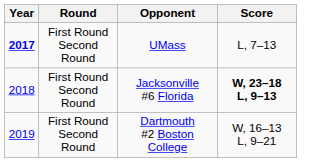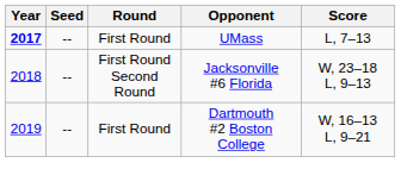 <table class="wikitable">
 <tr>
 <th style="width:40px; ">Year</th>
+<th style="width:40px; ">Seed</th>
 <th style="width:100px; ">Round</th>
 <th style="width:130px; ">Opponent</th>
 <th style="width:100px; ">Score</th>
 </tr>
 <tr align="center">
 <td><strong><a href='#'>2017</a></strong></td>
-<td>First Round<br>Second Round</td>
+<td>--</td>
+<td>First Round</td>
 <td><a href='#'>UMass</a></td>
 <td>L, 7–13</td>
 </tr>
 <tr align="center">
 <td><a href='#'>2018</a></td>
+<td>--</td>
 <td>First Round<br>Second Round</td>
 <td><a href='#'>Jacksonville</a><br>#6 <a href='#'>Florida</a></td>
-<td><strong>W, 23–18 <br>L, 9–13</strong></td>
+<td>W, 23–18 <br>L, 9–13</td>
 </tr>
 <tr align="center">
 <td><a href='#'>2019</a></td>
-<td>First Round<br>Second Round</td>
+<td>--</td>
+<td>First Round</td>
 <td><a href='#'>Dartmouth</a><br>#2 <a href='#'>Boston College</a></td>
 <td>W, 16–13 <br>L, 9–21</td>
 </tr>
 </table>
